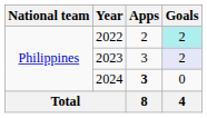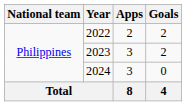 <table class="wikitable" style="text-align:center">
 <tr>
 <th>National team</th>
 <th>Year</th>
 <th>Apps</th>
 <th>Goals</th>
 </tr>
 <tr>
 <td rowspan="3"><a href='#'>Philippines</a></td>
 <td>2022</td>
 <td>2</td>
-<td style="background: paleturquoise;">2</td>
+<td>2</td>
 </tr>
 <tr>
 <td>2023</td>
 <td>3</td>
-<td style="background: lavender;">2</td>
+<td>2</td>
 </tr>
 <tr>
 <td>2024</td>
-<td><strong>3</strong></td>
+<td>3</td>
 <td>0</td>
 </tr>
 <tr>
 <th colspan="2">Total</th>
 <th>8</th>
 <th>4</th>
 </tr>
 </table>
